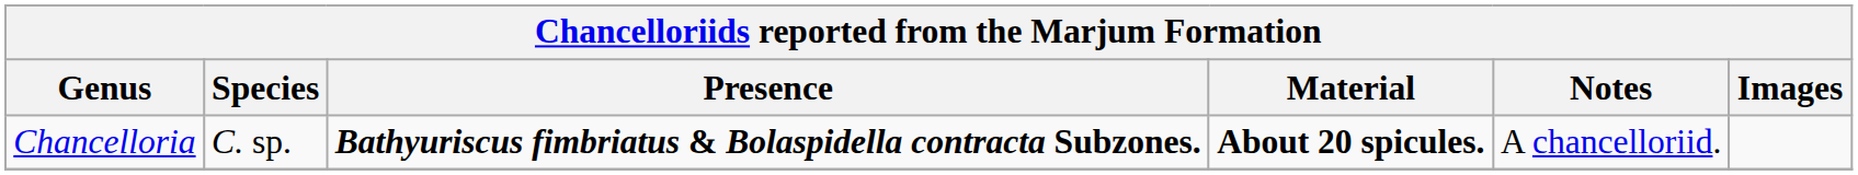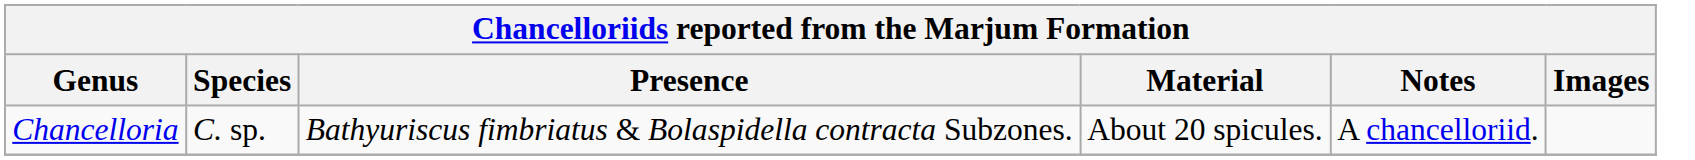 <table class="wikitable" align="center">
 <tr>
 <th colspan="6" align="center"><strong><a href='#'>Chancelloriids</a> reported from the Marjum Formation</strong></th>
 </tr>
 <tr>
 <th>Genus</th>
 <th>Species</th>
 <th>Presence</th>
 <th><strong>Material</strong></th>
 <th>Notes</th>
 <th>Images</th>
 </tr>
 <tr>
 <td><em><a href='#'>Chancelloria</a></em></td>
 <td><em>C.</em> sp.</td>
-<td><strong><em>Bathyuriscus fimbriatus</em> & <em>Bolaspidella contracta</em> Subzones.</strong></td>
-<td><strong>About 20 spicules.</strong></td>
+<td><em>Bathyuriscus fimbriatus</em> & <em>Bolaspidella contracta</em> Subzones.</td>
+<td>About 20 spicules.</td>
 <td>A <a href='#'>chancelloriid</a>.</td>
 <td></td>
 </tr>
 <tr>
 </tr>
 </table>
